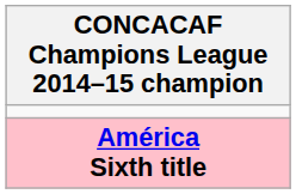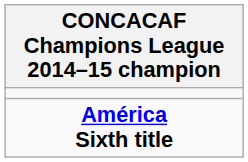 <table class="wikitable" style="text-align: center; margin: 0 auto; width: 20%">
 <tr>
 <th>CONCACAF Champions League<br>2014–15 champion</th>
 </tr>
 <tr>
 <td></td>
 </tr>
 <tr>
-<td style="background: pink;"><strong><a href='#'>América</a></strong><br><strong>Sixth title</strong></td>
+<td><strong><a href='#'>América</a></strong><br><strong>Sixth title</strong></td>
 </tr>
 </table>
